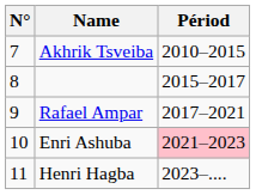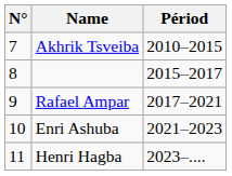 <table class="wikitable" style="text-align:left;font-size:95%;" cellpadding="0">
 <tr>
 <th>N°</th>
 <th>Name</th>
 <th>Périod</th>
 </tr>
 <tr>
 <td>7</td>
 <td><a href='#'>Akhrik Tsveiba</a></td>
 <td>2010–2015</td>
 </tr>
 <tr>
 <td>8</td>
 <td></td>
 <td>2015–2017</td>
 </tr>
 <tr>
 <td>9</td>
 <td><a href='#'>Rafael Ampar</a></td>
 <td>2017–2021</td>
 </tr>
 <tr>
 <td>10</td>
 <td>Enri Ashuba</td>
-<td style="background: pink;">2021–2023</td>
+<td>2021–2023</td>
 </tr>
 <tr>
 <td>11</td>
 <td>Henri Hagba</td>
 <td>2023–....</td>
 </tr>
 <tr>
 </tr>
 </table>
